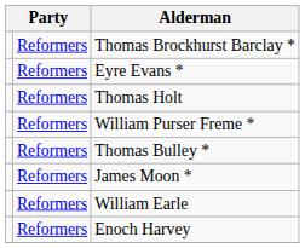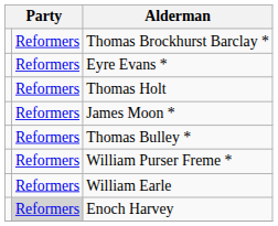 <table class="wikitable">
 <tr>
 <th colspan="2">Party</th>
 <th>Alderman</th>
 </tr>
 <tr>
 <td style="background-color:"></td>
 <td><a href='#'>Reformers</a></td>
 <td>Thomas Brockhurst Barclay *</td>
 </tr>
 <tr>
 <td style="background-color:"></td>
 <td><a href='#'>Reformers</a></td>
 <td>Eyre Evans *</td>
 </tr>
 <tr>
 <td style="background-color:"></td>
 <td><a href='#'>Reformers</a></td>
 <td>Thomas Holt</td>
 </tr>
 <tr>
 <td style="background-color:"></td>
 <td><a href='#'>Reformers</a></td>
-<td>William Purser Freme *</td>
+<td>James Moon *</td>
 </tr>
 <tr>
 <td style="background-color:"></td>
 <td><a href='#'>Reformers</a></td>
 <td>Thomas Bulley *</td>
 </tr>
 <tr>
 <td style="background-color:"></td>
 <td><a href='#'>Reformers</a></td>
-<td>James Moon *</td>
+<td>William Purser Freme *</td>
 </tr>
 <tr>
 <td style="background-color:"></td>
 <td><a href='#'>Reformers</a></td>
 <td>William Earle</td>
 </tr>
 <tr>
 <td style="background-color:"></td>
-<td><a href='#'>Reformers</a></td>
+<td style="background: lightgrey;"><a href='#'>Reformers</a></td>
 <td>Enoch Harvey</td>
 </tr>
 <tr>
 </tr>
 </table>
